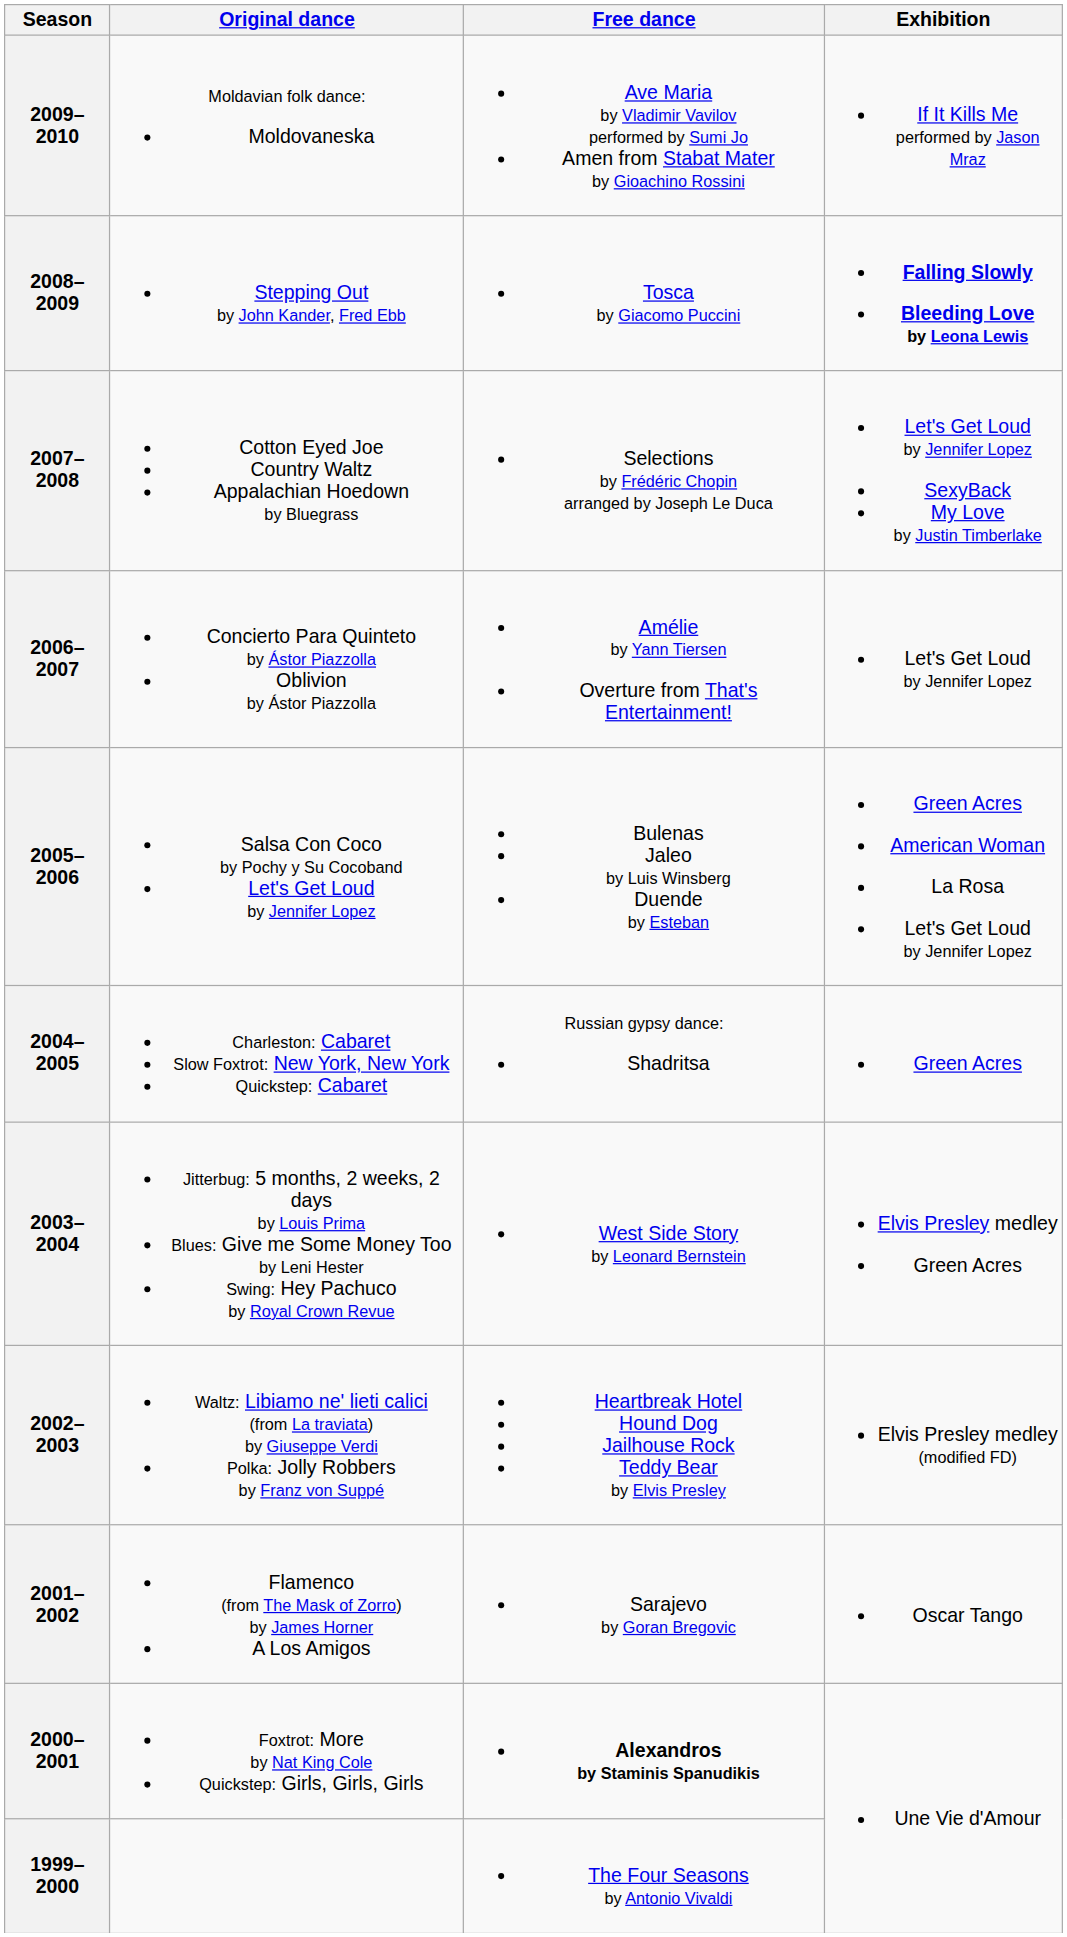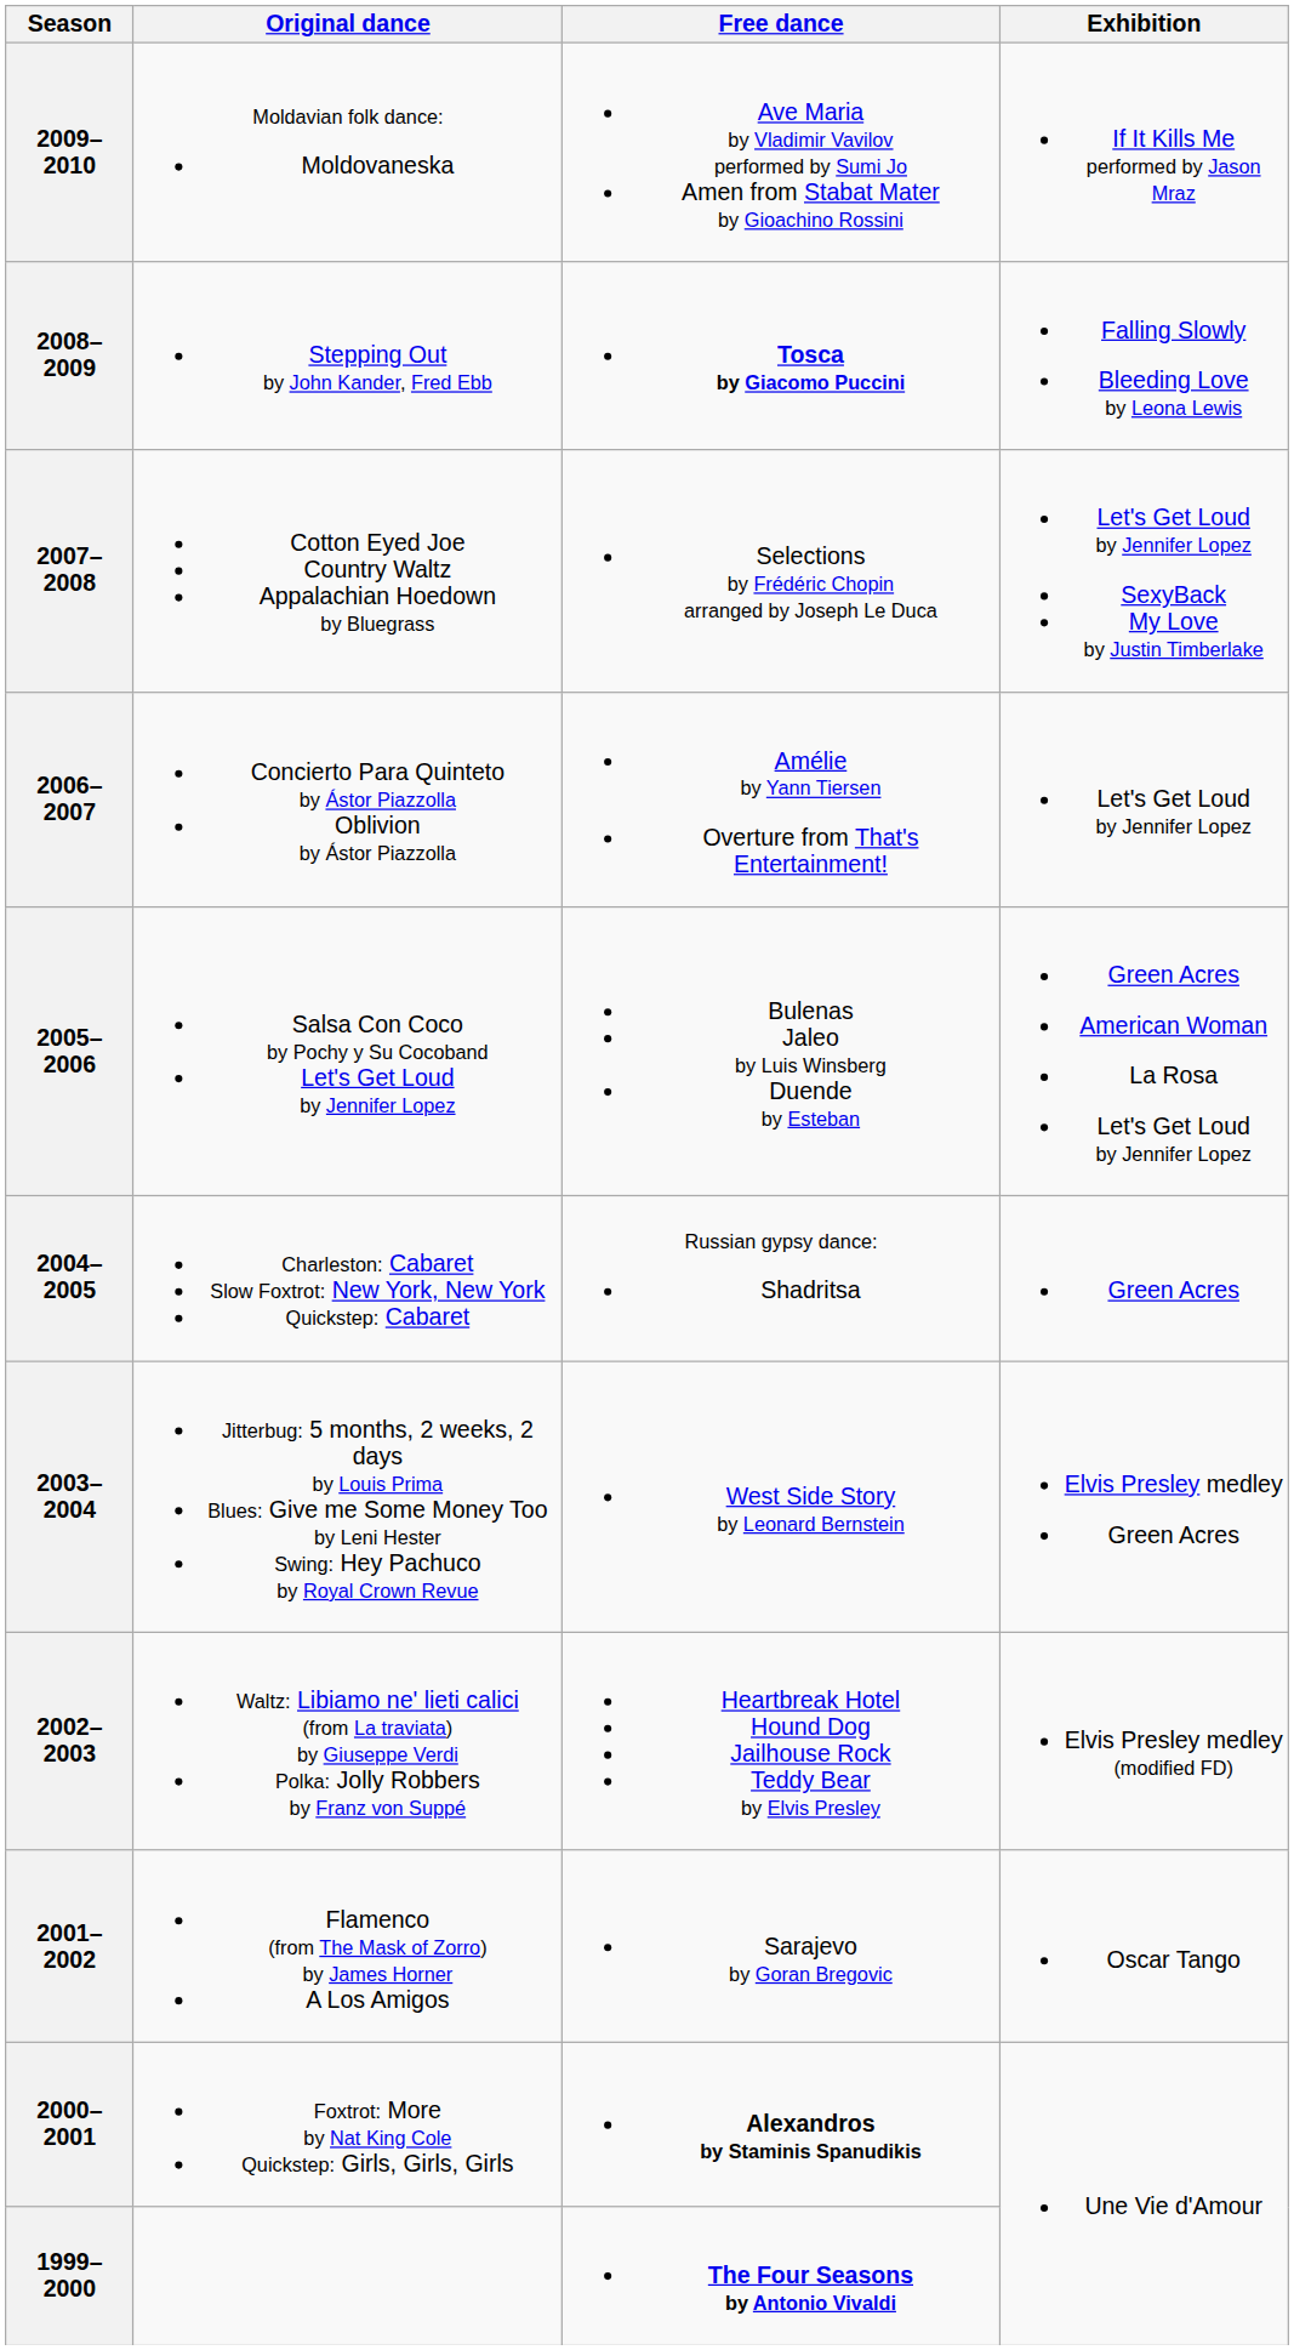 <table class= wikitable style= text-align:center>
 <tr>
 <th>Season</th>
 <th><a href='#'>Original dance</a></th>
 <th><a href='#'>Free dance</a></th>
 <th>Exhibition</th>
 </tr>
 <tr>
 <th>2009–2010 <br></th>
 <td><small>Moldavian folk dance:</small><br><ul><li>Moldovaneska</li></ul></td>
 <td><br><ul><li><a href='#'>Ave Maria</a> <br><small> by <a href='#'>Vladimir Vavilov</a> <br> performed by <a href='#'>Sumi Jo</a> </small></li><li>Amen from <a href='#'>Stabat Mater</a> <br><small> by <a href='#'>Gioachino Rossini</a> </small></li></ul></td>
 <td><br><ul><li><a href='#'>If It Kills Me</a> <br><small> performed by <a href='#'>Jason Mraz</a> </small></li></ul></td>
 </tr>
 <tr>
 <th>2008–2009 <br></th>
 <td><br><ul><li><a href='#'>Stepping Out</a> <br><small> by <a href='#'>John Kander</a>, <a href='#'>Fred Ebb</a> </small></li></ul></td>
-<td><br><ul><li><a href='#'>Tosca</a> <br><small> by <a href='#'>Giacomo Puccini</a> </small></li></ul></td>
-<td><strong><br><ul><li><a href='#'>Falling Slowly</a></li></ul><ul><li><a href='#'>Bleeding Love</a> <br><small> by <a href='#'>Leona Lewis</a> </small></li></ul></strong></td>
+<td><strong><br><ul><li><a href='#'>Tosca</a> <br><small> by <a href='#'>Giacomo Puccini</a> </small></li></ul></strong></td>
+<td><br><ul><li><a href='#'>Falling Slowly</a></li></ul><ul><li><a href='#'>Bleeding Love</a> <br><small> by <a href='#'>Leona Lewis</a> </small></li></ul></td>
 </tr>
 <tr>
 <th>2007–2008 <br></th>
 <td><br><ul><li>Cotton Eyed Joe</li><li>Country Waltz</li><li>Appalachian Hoedown <br><small> by Bluegrass </small></li></ul></td>
 <td><br><ul><li>Selections <br><small> by <a href='#'>Frédéric Chopin</a> <br> arranged by Joseph Le Duca </small></li></ul></td>
 <td><br><ul><li><a href='#'>Let's Get Loud</a> <br><small> by <a href='#'>Jennifer Lopez</a> </small></li></ul><ul><li><a href='#'>SexyBack</a></li><li><a href='#'>My Love</a> <br><small> by <a href='#'>Justin Timberlake</a> </small></li></ul></td>
 </tr>
 <tr>
 <th>2006–2007 <br></th>
 <td><br><ul><li>Concierto Para Quinteto <br><small> by <a href='#'>Ástor Piazzolla</a> </small></li><li>Oblivion <br><small> by Ástor Piazzolla </small></li></ul></td>
 <td><br><ul><li><a href='#'>Amélie</a> <br><small> by <a href='#'>Yann Tiersen</a> </small></li></ul><ul><li>Overture from <a href='#'>That's Entertainment!</a></li></ul></td>
 <td><br><ul><li>Let's Get Loud <br><small> by Jennifer Lopez </small></li></ul></td>
 </tr>
 <tr>
 <th>2005–2006 <br></th>
 <td><br><ul><li>Salsa Con Coco <br><small> by Pochy y Su Cocoband </small></li><li><a href='#'>Let's Get Loud</a> <br><small> by <a href='#'>Jennifer Lopez</a> </small></li></ul></td>
 <td><br><ul><li>Bulenas</li><li>Jaleo <br><small> by Luis Winsberg </small></li><li>Duende <br><small> by <a href='#'>Esteban</a> </small></li></ul></td>
 <td><br><ul><li><a href='#'>Green Acres</a></li></ul><ul><li><a href='#'>American Woman</a></li></ul><ul><li>La Rosa</li></ul><ul><li>Let's Get Loud <br><small> by Jennifer Lopez </small></li></ul></td>
 </tr>
 <tr>
 <th>2004–2005 <br></th>
 <td><br><ul><li><small>Charleston:</small> <a href='#'>Cabaret</a></li><li><small>Slow Foxtrot:</small> <a href='#'>New York, New York</a></li><li><small>Quickstep:</small> <a href='#'>Cabaret</a></li></ul></td>
 <td><small>Russian gypsy dance:</small><br><ul><li>Shadritsa</li></ul></td>
 <td><br><ul><li><a href='#'>Green Acres</a></li></ul></td>
 </tr>
 <tr>
 <th>2003–2004 <br></th>
 <td><br><ul><li><small>Jitterbug:</small> 5 months, 2 weeks, 2 days <br><small> by <a href='#'>Louis Prima</a> </small></li><li><small>Blues:</small> Give me Some Money Too <br><small> by Leni Hester </small></li><li><small>Swing:</small> Hey Pachuco <br><small> by <a href='#'>Royal Crown Revue</a> </small></li></ul></td>
 <td><br><ul><li><a href='#'>West Side Story</a> <br><small> by <a href='#'>Leonard Bernstein</a> </small></li></ul></td>
 <td><br><ul><li><a href='#'>Elvis Presley</a> medley</li></ul><ul><li>Green Acres</li></ul></td>
 </tr>
 <tr>
 <th>2002–2003 <br></th>
 <td><br><ul><li><small>Waltz:</small> <a href='#'>Libiamo ne' lieti calici</a> <br><small> (from <a href='#'>La traviata</a>) <br> by <a href='#'>Giuseppe Verdi</a> </small></li><li><small>Polka:</small> Jolly Robbers <br><small> by <a href='#'>Franz von Suppé</a> </small></li></ul></td>
 <td><br><ul><li><a href='#'>Heartbreak Hotel</a></li><li><a href='#'>Hound Dog</a></li><li><a href='#'>Jailhouse Rock</a></li><li><a href='#'>Teddy Bear</a> <br><small> by <a href='#'>Elvis Presley</a> </small></li></ul></td>
 <td><br><ul><li>Elvis Presley medley <br><small> (modified FD) </small></li></ul></td>
 </tr>
 <tr>
 <th>2001–2002 <br></th>
 <td><br><ul><li>Flamenco <br><small> (from <a href='#'>The Mask of Zorro</a>) <br> by <a href='#'>James Horner</a> </small></li><li>A Los Amigos</li></ul></td>
 <td><br><ul><li>Sarajevo <br><small> by <a href='#'>Goran Bregovic</a> </small></li></ul></td>
 <td><br><ul><li>Oscar Tango</li></ul></td>
 </tr>
 <tr>
 <th>2000–2001 <br></th>
 <td><br><ul><li><small>Foxtrot:</small> More <br><small> by <a href='#'>Nat King Cole</a> </small></li><li><small>Quickstep:</small> Girls, Girls, Girls</li></ul></td>
 <td><strong><br><ul><li>Alexandros <br><small> by Staminis Spanudikis </small></li></ul></strong></td>
 <td rowspan=2><br><ul><li>Une Vie d'Amour</li></ul></td>
 </tr>
 <tr>
 <th>1999–2000</th>
 <td></td>
-<td><br><ul><li><a href='#'>The Four Seasons</a> <br><small> by <a href='#'>Antonio Vivaldi</a> </small></li></ul></td>
+<td><strong><br><ul><li><a href='#'>The Four Seasons</a> <br><small> by <a href='#'>Antonio Vivaldi</a> </small></li></ul></strong></td>
 </tr>
 </table>
